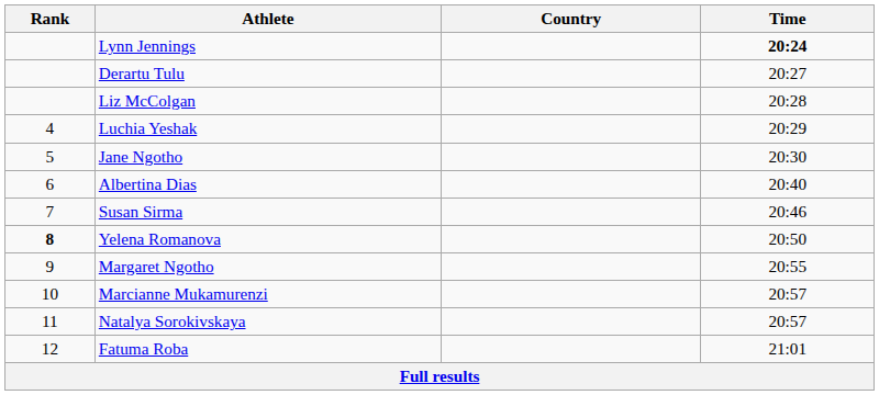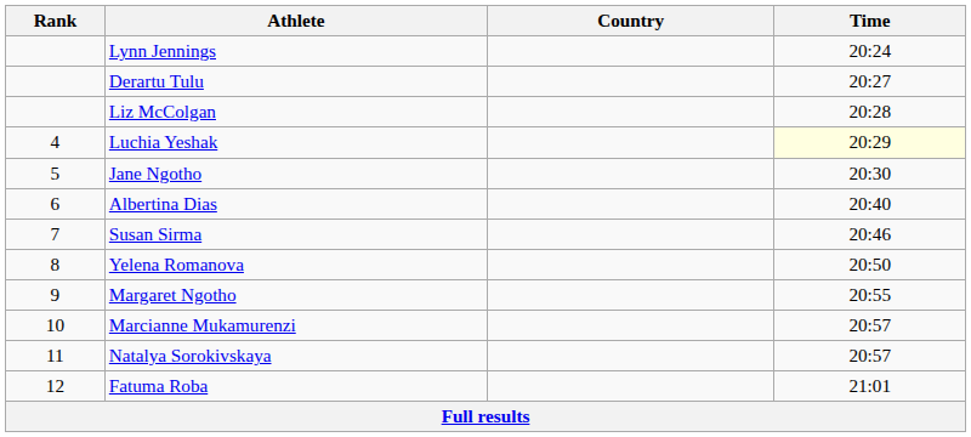 <table class="wikitable sortable" style=" text-align:center; font-size:95%;" width="50%">
 <tr>
 </tr>
 <tr>
 <th width=5%>Rank</th>
 <th width=20%>Athlete</th>
 <th width=15%>Country</th>
 <th width=10%>Time</th>
 </tr>
 <tr>
 <td align=center></td>
 <td align=left><a href='#'>Lynn Jennings</a></td>
 <td align=left></td>
-<td><strong>20:24</strong></td>
+<td>20:24</td>
 </tr>
 <tr>
 <td align=center></td>
 <td align=left><a href='#'>Derartu Tulu</a></td>
 <td align=left></td>
 <td>20:27</td>
 </tr>
 <tr>
 <td align=center></td>
 <td align=left><a href='#'>Liz McColgan</a></td>
 <td align=left></td>
 <td>20:28</td>
 </tr>
 <tr>
 <td align=center>4</td>
 <td align=left><a href='#'>Luchia Yeshak</a></td>
 <td align=left></td>
-<td>20:29</td>
+<td style="background: lightyellow;">20:29</td>
 </tr>
 <tr>
 <td align=center>5</td>
 <td align=left><a href='#'>Jane Ngotho</a></td>
 <td align=left></td>
 <td>20:30</td>
 </tr>
 <tr>
 <td align=center>6</td>
 <td align=left><a href='#'>Albertina Dias</a></td>
 <td align=left></td>
 <td>20:40</td>
 </tr>
 <tr>
 <td align=center>7</td>
 <td align=left><a href='#'>Susan Sirma</a></td>
 <td align=left></td>
 <td>20:46</td>
 </tr>
 <tr>
-<td align=center><strong>8</strong></td>
+<td align=center>8</td>
 <td align=left><a href='#'>Yelena Romanova</a></td>
 <td align=left></td>
 <td>20:50</td>
 </tr>
 <tr>
 <td align=center>9</td>
 <td align=left><a href='#'>Margaret Ngotho</a></td>
 <td align=left></td>
 <td>20:55</td>
 </tr>
 <tr>
 <td align=center>10</td>
 <td align=left><a href='#'>Marcianne Mukamurenzi</a></td>
 <td align=left></td>
 <td>20:57</td>
 </tr>
 <tr>
 <td align=center>11</td>
 <td align=left><a href='#'>Natalya Sorokivskaya</a></td>
 <td align=left></td>
 <td>20:57</td>
 </tr>
 <tr>
 <td align=center>12</td>
 <td align=left><a href='#'>Fatuma Roba</a></td>
 <td align=left></td>
 <td>21:01</td>
 </tr>
 <tr class="sortbottom">
 <th colspan=4 align=center><a href='#'>Full results</a></th>
 </tr>
 </table>
